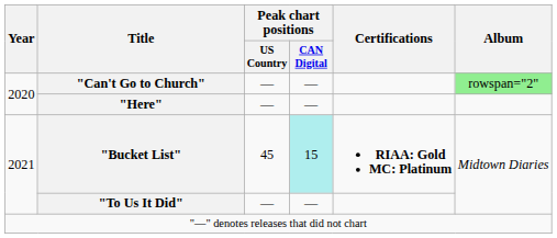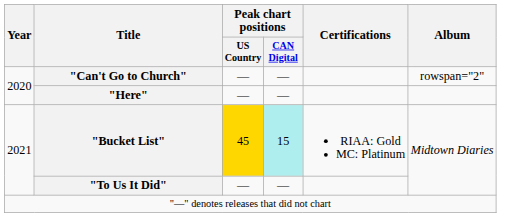 <table class="wikitable plainrowheaders" style="text-align:center;">
 <tr>
 <th scope="col" rowspan="2">Year</th>
 <th scope="col" rowspan="2" style="width:15em;">Title</th>
 <th scope="col" colspan="2">Peak chart positions</th>
 <th scope="col" rowspan="2">Certifications</th>
 <th scope="col" rowspan="2">Album</th>
 </tr>
 <tr style="font-size:smaller;">
 <th scope="col" style="width:45px;">US Country<br></th>
 <th scope="col" style="width:45px;"><a href='#'>CAN<br>Digital</a><br></th>
 </tr>
 <tr>
 <td rowspan="2">2020</td>
 <th scope="row">"Can't Go to Church"</th>
 <td>—</td>
 <td>—</td>
 <td></td>
-<td style="background: lightgreen;">rowspan="2" </td>
+<td>rowspan="2" </td>
 </tr>
 <tr>
 <th scope="row">"Here"</th>
 <td>—</td>
 <td>—</td>
 <td></td>
 </tr>
 <tr>
 <td rowspan="2">2021</td>
 <th scope="row">"Bucket List"</th>
-<td>45</td>
+<td style="background: gold;">45</td>
 <td style="background: paleturquoise;">15</td>
-<td><strong><br><ul><li>RIAA: Gold</li><li>MC: Platinum</li></ul></strong></td>
+<td><br><ul><li>RIAA: Gold</li><li>MC: Platinum</li></ul></td>
 <td rowspan="2"><em>Midtown Diaries</em></td>
 </tr>
 <tr>
 <th scope="row">"To Us It Did"</th>
 <td>—</td>
 <td>—</td>
 <td></td>
 </tr>
 <tr>
 <td colspan="11" style="font-size:85%">"—" denotes releases that did not chart</td>
 </tr>
 </table>
